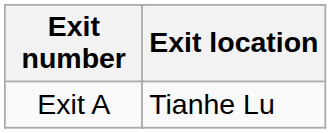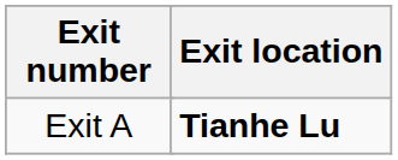 <table class="wikitable">
 <tr>
 <th style="width:70px" colspan="2">Exit number</th>
 <th>Exit location</th>
 </tr>
 <tr>
 <td align="center" colspan="2">Exit A</td>
-<td>Tianhe Lu</td>
+<td><strong>Tianhe Lu</strong></td>
 </tr>
 </table>
